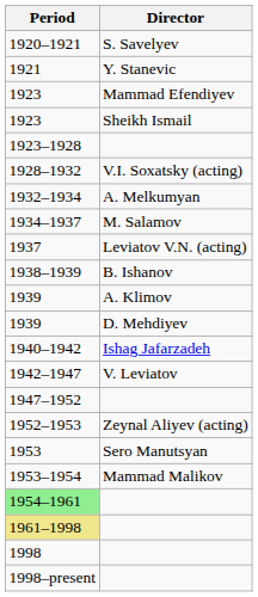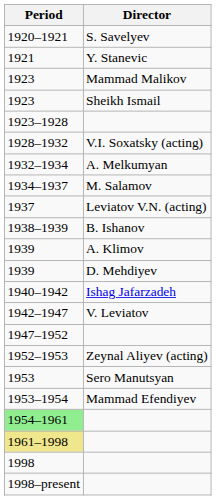 <table class="wikitable">
 <tr>
 <th>Period</th>
 <th>Director</th>
 </tr>
 <tr>
 <td>1920–1921</td>
 <td>S. Savelyev</td>
 </tr>
 <tr>
 <td>1921</td>
 <td>Y. Stanevic</td>
 </tr>
 <tr>
 <td>1923</td>
-<td>Mammad Efendiyev</td>
+<td>Mammad Malikov</td>
 </tr>
 <tr>
 <td>1923</td>
 <td>Sheikh Ismail</td>
 </tr>
 <tr>
 <td>1923–1928</td>
 <td></td>
 </tr>
 <tr>
 <td>1928–1932</td>
 <td>V.I. Soxatsky (acting)</td>
 </tr>
 <tr>
 <td>1932–1934</td>
 <td>A. Melkumyan</td>
 </tr>
 <tr>
 <td>1934–1937</td>
 <td>M. Salamov</td>
 </tr>
 <tr>
 <td>1937</td>
 <td>Leviatov V.N. (acting)</td>
 </tr>
 <tr>
 <td>1938–1939</td>
 <td>B. Ishanov</td>
 </tr>
 <tr>
 <td>1939</td>
 <td>A. Klimov</td>
 </tr>
 <tr>
 <td>1939</td>
 <td>D. Mehdiyev</td>
 </tr>
 <tr>
 <td>1940–1942</td>
 <td><a href='#'>Ishag Jafarzadeh</a></td>
 </tr>
 <tr>
 <td>1942–1947</td>
 <td>V. Leviatov</td>
 </tr>
 <tr>
 <td>1947–1952</td>
 <td></td>
 </tr>
 <tr>
 <td>1952–1953</td>
 <td>Zeynal Aliyev (acting)</td>
 </tr>
 <tr>
 <td>1953</td>
 <td>Sero Manutsyan</td>
 </tr>
 <tr>
 <td>1953–1954</td>
-<td>Mammad Malikov</td>
+<td>Mammad Efendiyev</td>
 </tr>
 <tr>
 <td style="background: lightgreen;">1954–1961</td>
 <td></td>
 </tr>
 <tr>
 <td style="background: khaki;">1961–1998</td>
 <td></td>
 </tr>
 <tr>
 <td>1998</td>
 <td></td>
 </tr>
 <tr>
 <td>1998–present</td>
 <td></td>
 </tr>
 </table>
